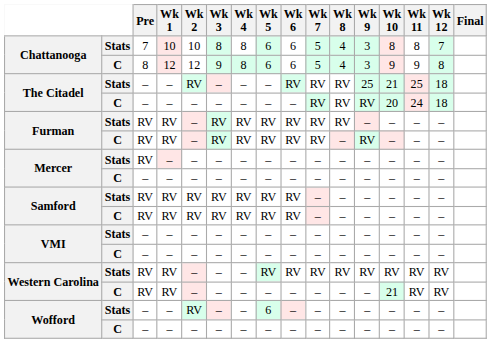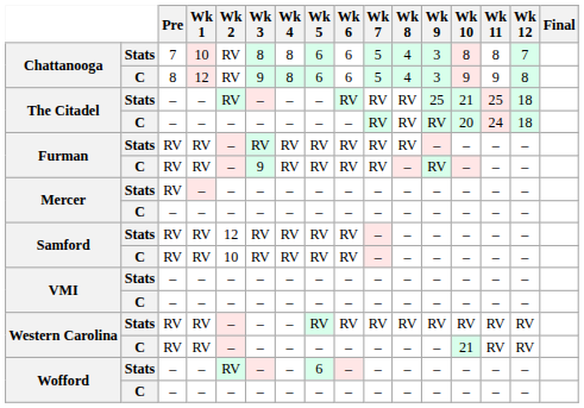 <table class="wikitable" style="white-space:nowrap;font-size:70%;">
 <tr>
 <th colspan=2 style="background:white; border-top-style:hidden; border-left-style:hidden;"> </th>
 <th>Pre</th>
 <th>Wk<br>1</th>
 <th>Wk<br>2</th>
 <th>Wk<br>3</th>
 <th>Wk<br>4</th>
 <th>Wk<br>5</th>
 <th>Wk<br>6</th>
 <th>Wk<br>7</th>
 <th>Wk<br>8</th>
 <th>Wk<br>9</th>
 <th>Wk<br>10</th>
 <th>Wk<br>11</th>
 <th>Wk<br>12</th>
 <th>Final</th>
 </tr>
 <tr style="text-align:center;">
 <th rowspan=2>Chattanooga</th>
 <th>Stats</th>
 <td style="background:#FFF;">7</td>
 <td style="background:#FFE6E6;">10</td>
-<td style="background:#FFF;">10</td>
+<td style="background:#FFF;">RV</td>
 <td style="background:#D8FFEB;">8</td>
 <td style="background:#FFF;">8</td>
 <td style="background:#D8FFEB;">6</td>
 <td style="background:#FFF;">6</td>
 <td style="background:#D8FFEB;">5</td>
 <td style="background:#D8FFEB;">4</td>
 <td style="background:#D8FFEB;">3</td>
 <td style="background:#FFE6E6;">8</td>
 <td style="background:#FFF;">8</td>
 <td style="background:#D8FFEB;">7</td>
 <td style="background:#FFF;"></td>
 </tr>
 <tr style="text-align:center;">
 <th>C</th>
 <td style="background:#FFF;">8</td>
 <td style="background:#FFE6E6;">12</td>
-<td style="background:#FFF;">12</td>
+<td style="background:#FFF;">RV</td>
 <td style="background:#D8FFEB;">9</td>
 <td style="background:#D8FFEB;">8</td>
 <td style="background:#D8FFEB;">6</td>
 <td style="background:#FFF;">6</td>
 <td style="background:#D8FFEB;">5</td>
 <td style="background:#D8FFEB;">4</td>
 <td style="background:#D8FFEB;">3</td>
 <td style="background:#FFE6E6;">9</td>
 <td style="background:#FFF;">9</td>
 <td style="background:#D8FFEB;">8</td>
 <td style="background:#FFF;"></td>
 </tr>
 <tr style="text-align:center;">
 <th rowspan=2>The Citadel</th>
 <th>Stats</th>
 <td style="background:#FFF;">–</td>
 <td style="background:#FFF;">–</td>
 <td style="background:#D8FFEB;">RV</td>
 <td style="background:#FFE6E6;">–</td>
 <td style="background:#FFF;">–</td>
 <td style="background:#FFF;">–</td>
 <td style="background:#D8FFEB;">RV</td>
 <td style="background:#FFF;">RV</td>
 <td style="background:#FFF;">RV</td>
 <td style="background:#D8FFEB;">25</td>
 <td style="background:#D8FFEB;">21</td>
 <td style="background:#FFE6E6;">25</td>
 <td style="background:#D8FFEB;">18</td>
 <td style="background:#FFF;"></td>
 </tr>
 <tr style="text-align:center;">
 <th>C</th>
 <td style="background:#FFF;">–</td>
 <td style="background:#FFF;">–</td>
 <td style="background:#FFF;">–</td>
 <td style="background:#FFF;">–</td>
 <td style="background:#FFF;">–</td>
 <td style="background:#FFF;">–</td>
 <td style="background:#FFF;">–</td>
 <td style="background:#D8FFEB;">RV</td>
 <td style="background:#FFF;">RV</td>
 <td style="background:#D8FFEB;">RV</td>
 <td style="background:#D8FFEB;">20</td>
 <td style="background:#FFE6E6;">24</td>
 <td style="background:#D8FFEB;">18</td>
 <td style="background:#FFF;"></td>
 </tr>
 <tr style="text-align:center;">
 <th rowspan=2>Furman</th>
 <th>Stats</th>
 <td style="background:#FFF;">RV</td>
 <td style="background:#FFF;">RV</td>
 <td style="background:#FFE6E6;">–</td>
 <td style="background:#D8FFEB;">RV</td>
 <td style="background:#FFF;">RV</td>
 <td style="background:#FFF;">RV</td>
 <td style="background:#FFF;">RV</td>
 <td style="background:#FFF;">RV</td>
 <td style="background:#FFF;">RV</td>
 <td style="background:#FFE6E6;">–</td>
 <td style="background:#FFF;">–</td>
 <td style="background:#FFF;">–</td>
 <td style="background:#FFF;">–</td>
 <td style="background:#FFF;"></td>
 </tr>
 <tr style="text-align:center;">
 <th>C</th>
 <td style="background:#FFF;">RV</td>
 <td style="background:#FFF;">RV</td>
 <td style="background:#FFE6E6;">–</td>
-<td style="background:#D8FFEB;">RV</td>
+<td style="background:#D8FFEB;">9</td>
 <td style="background:#FFF;">RV</td>
 <td style="background:#FFF;">RV</td>
 <td style="background:#FFF;">RV</td>
 <td style="background:#FFF;">RV</td>
 <td style="background:#FFE6E6;">–</td>
 <td style="background:#D8FFEB;">RV</td>
 <td style="background:#FFE6E6;">–</td>
 <td style="background:#FFF;">–</td>
 <td style="background:#FFF;">–</td>
 <td style="background:#FFF;"></td>
 </tr>
 <tr style="text-align:center;">
 <th rowspan=2>Mercer</th>
 <th>Stats</th>
 <td style="background:#FFF;">RV</td>
 <td style="background:#FFE6E6;">–</td>
 <td style="background:#FFF;">–</td>
 <td style="background:#FFF;">–</td>
 <td style="background:#FFF;">–</td>
 <td style="background:#FFF;">–</td>
 <td style="background:#FFF;">–</td>
 <td style="background:#FFF;">–</td>
 <td style="background:#FFF;">–</td>
 <td style="background:#FFF;">–</td>
 <td style="background:#FFF;">–</td>
 <td style="background:#FFF;">–</td>
 <td style="background:#FFF;">–</td>
 <td style="background:#FFF;"></td>
 </tr>
 <tr style="text-align:center;">
 <th>C</th>
 <td style="background:#FFF;">–</td>
 <td style="background:#FFF;">–</td>
 <td style="background:#FFF;">–</td>
 <td style="background:#FFF;">–</td>
 <td style="background:#FFF;">–</td>
 <td style="background:#FFF;">–</td>
 <td style="background:#FFF;">–</td>
 <td style="background:#FFF;">–</td>
 <td style="background:#FFF;">–</td>
 <td style="background:#FFF;">–</td>
 <td style="background:#FFF;">–</td>
 <td style="background:#FFF;">–</td>
 <td style="background:#FFF;">–</td>
 <td style="background:#FFF;"></td>
 </tr>
 <tr style="text-align:center;">
 <th rowspan=2>Samford</th>
 <th>Stats</th>
 <td style="background:#FFF;">RV</td>
 <td style="background:#FFF;">RV</td>
-<td style="background:#FFF;">RV</td>
+<td style="background:#FFF;">12</td>
 <td style="background:#FFF;">RV</td>
 <td style="background:#FFF;">RV</td>
 <td style="background:#FFF;">RV</td>
 <td style="background:#FFF;">RV</td>
 <td style="background:#FFE6E6;">–</td>
 <td style="background:#FFF;">–</td>
 <td style="background:#FFF;">–</td>
 <td style="background:#FFF;">–</td>
 <td style="background:#FFF;">–</td>
 <td style="background:#FFF;">–</td>
 <td style="background:#FFF;"></td>
 </tr>
 <tr style="text-align:center;">
 <th>C</th>
 <td style="background:#FFF;">RV</td>
 <td style="background:#FFF;">RV</td>
-<td style="background:#FFF;">RV</td>
+<td style="background:#FFF;">10</td>
 <td style="background:#FFF;">RV</td>
 <td style="background:#FFF;">RV</td>
 <td style="background:#FFF;">RV</td>
 <td style="background:#FFF;">RV</td>
 <td style="background:#FFE6E6;">–</td>
 <td style="background:#FFF;">–</td>
 <td style="background:#FFF;">–</td>
 <td style="background:#FFF;">–</td>
 <td style="background:#FFF;">–</td>
 <td style="background:#FFF;">–</td>
 <td style="background:#FFF;"></td>
 </tr>
 <tr style="text-align:center;">
 <th rowspan=2>VMI</th>
 <th>Stats</th>
 <td style="background:#FFF;">–</td>
 <td style="background:#FFF;">–</td>
 <td style="background:#FFF;">–</td>
 <td style="background:#FFF;">–</td>
 <td style="background:#FFF;">–</td>
 <td style="background:#FFF;">–</td>
 <td style="background:#FFF;">–</td>
 <td style="background:#FFF;">–</td>
 <td style="background:#FFF;">–</td>
 <td style="background:#FFF;">–</td>
 <td style="background:#FFF;">–</td>
 <td style="background:#FFF;">–</td>
 <td style="background:#FFF;">–</td>
 <td style="background:#FFF;"></td>
 </tr>
 <tr style="text-align:center;">
 <th>C</th>
 <td style="background:#FFF;">–</td>
 <td style="background:#FFF;">–</td>
 <td style="background:#FFF;">–</td>
 <td style="background:#FFF;">–</td>
 <td style="background:#FFF;">–</td>
 <td style="background:#FFF;">–</td>
 <td style="background:#FFF;">–</td>
 <td style="background:#FFF;">–</td>
 <td style="background:#FFF;">–</td>
 <td style="background:#FFF;">–</td>
 <td style="background:#FFF;">–</td>
 <td style="background:#FFF;">–</td>
 <td style="background:#FFF;">–</td>
 <td style="background:#FFF;"></td>
 </tr>
 <tr style="text-align:center;">
 <th rowspan=2>Western Carolina</th>
 <th>Stats</th>
 <td style="background:#FFF;">RV</td>
 <td style="background:#FFF;">RV</td>
 <td style="background:#FFE6E6;">–</td>
 <td style="background:#FFF;">–</td>
 <td style="background:#FFF;">–</td>
 <td style="background:#D8FFEB;">RV</td>
 <td style="background:#FFF;">RV</td>
 <td style="background:#FFF;">RV</td>
 <td style="background:#FFF;">RV</td>
 <td style="background:#FFF;">RV</td>
 <td style="background:#FFF;">RV</td>
 <td style="background:#FFF;">RV</td>
 <td style="background:#FFF;">RV</td>
 <td style="background:#FFF;"></td>
 </tr>
 <tr style="text-align:center;">
 <th>C</th>
 <td style="background:#FFF;">RV</td>
 <td style="background:#FFF;">RV</td>
 <td style="background:#FFE6E6;">–</td>
 <td style="background:#FFF;">–</td>
 <td style="background:#FFF;">–</td>
 <td style="background:#FFF;">–</td>
 <td style="background:#FFF;">–</td>
 <td style="background:#FFF;">–</td>
 <td style="background:#FFF;">–</td>
 <td style="background:#FFF;">–</td>
 <td style="background:#D8FFEB;">21</td>
 <td style="background:#FFF;">RV</td>
 <td style="background:#FFF;">RV</td>
 <td style="background:#FFF;"></td>
 </tr>
 <tr style="text-align:center;">
 <th rowspan=2>Wofford</th>
 <th>Stats</th>
 <td style="background:#FFF;">–</td>
 <td style="background:#FFF;">–</td>
 <td style="background:#D8FFEB;">RV</td>
 <td style="background:#FFE6E6;">–</td>
 <td style="background:#FFF;">–</td>
 <td style="background:#D8FFEB;">6</td>
 <td style="background:#FFE6E6;">–</td>
 <td style="background:#FFF;">–</td>
 <td style="background:#FFF;">–</td>
 <td style="background:#FFF;">–</td>
 <td style="background:#FFF;">–</td>
 <td style="background:#FFF;">–</td>
 <td style="background:#FFF;">–</td>
 <td style="background:#FFF;"></td>
 </tr>
 <tr style="text-align:center;">
 <th>C</th>
 <td style="background:#FFF;">–</td>
 <td style="background:#FFF;">–</td>
 <td style="background:#FFF;">–</td>
 <td style="background:#FFF;">–</td>
 <td style="background:#FFF;">–</td>
 <td style="background:#FFF;">–</td>
 <td style="background:#FFF;">–</td>
 <td style="background:#FFF;">–</td>
 <td style="background:#FFF;">–</td>
 <td style="background:#FFF;">–</td>
 <td style="background:#FFF;">–</td>
 <td style="background:#FFF;">–</td>
 <td style="background:#FFF;">–</td>
 <td style="background:#FFF;"></td>
 </tr>
 </table>
